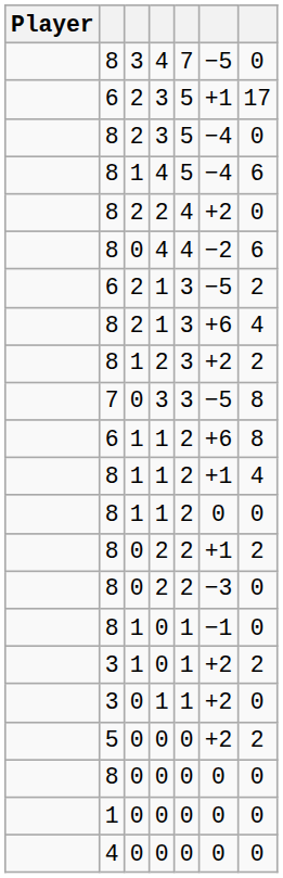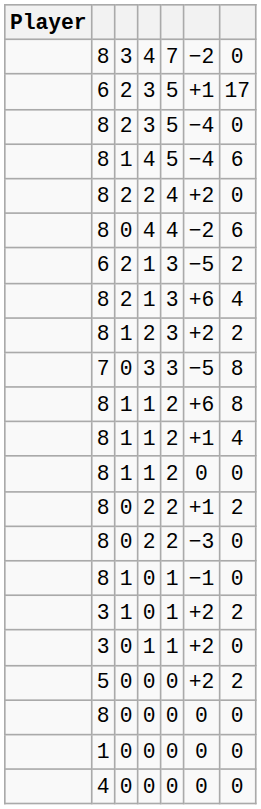 <table class="wikitable sortable" style="text-align:center;">
 <tr>
 <th>Player</th>
 <th></th>
 <th></th>
 <th></th>
 <th></th>
 <th data-sort-type="number"></th>
 <th></th>
 </tr>
 <tr>
 <td></td>
 <td>8</td>
 <td>3</td>
 <td>4</td>
 <td>7</td>
-<td>−5</td>
+<td>−2</td>
 <td>0</td>
 </tr>
 <tr>
 <td></td>
 <td>6</td>
 <td>2</td>
 <td>3</td>
 <td>5</td>
 <td>+1</td>
 <td>17</td>
 </tr>
 <tr>
 <td></td>
 <td>8</td>
 <td>2</td>
 <td>3</td>
 <td>5</td>
 <td>−4</td>
 <td>0</td>
 </tr>
 <tr>
 <td></td>
 <td>8</td>
 <td>1</td>
 <td>4</td>
 <td>5</td>
 <td>−4</td>
 <td>6</td>
 </tr>
 <tr>
 <td></td>
 <td>8</td>
 <td>2</td>
 <td>2</td>
 <td>4</td>
 <td>+2</td>
 <td>0</td>
 </tr>
 <tr>
 <td></td>
 <td>8</td>
 <td>0</td>
 <td>4</td>
 <td>4</td>
 <td>−2</td>
 <td>6</td>
 </tr>
 <tr>
 <td></td>
 <td>6</td>
 <td>2</td>
 <td>1</td>
 <td>3</td>
 <td>−5</td>
 <td>2</td>
 </tr>
 <tr>
 <td></td>
 <td>8</td>
 <td>2</td>
 <td>1</td>
 <td>3</td>
 <td>+6</td>
 <td>4</td>
 </tr>
 <tr>
 <td></td>
 <td>8</td>
 <td>1</td>
 <td>2</td>
 <td>3</td>
 <td>+2</td>
 <td>2</td>
 </tr>
 <tr>
 <td></td>
 <td>7</td>
 <td>0</td>
 <td>3</td>
 <td>3</td>
 <td>−5</td>
 <td>8</td>
 </tr>
 <tr>
 <td></td>
-<td>6</td>
+<td>8</td>
 <td>1</td>
 <td>1</td>
 <td>2</td>
 <td>+6</td>
 <td>8</td>
 </tr>
 <tr>
 <td></td>
 <td>8</td>
 <td>1</td>
 <td>1</td>
 <td>2</td>
 <td>+1</td>
 <td>4</td>
 </tr>
 <tr>
 <td></td>
 <td>8</td>
 <td>1</td>
 <td>1</td>
 <td>2</td>
 <td>0</td>
 <td>0</td>
 </tr>
 <tr>
 <td></td>
 <td>8</td>
 <td>0</td>
 <td>2</td>
 <td>2</td>
 <td>+1</td>
 <td>2</td>
 </tr>
 <tr>
 <td></td>
 <td>8</td>
 <td>0</td>
 <td>2</td>
 <td>2</td>
 <td>−3</td>
 <td>0</td>
 </tr>
 <tr>
 <td></td>
 <td>8</td>
 <td>1</td>
 <td>0</td>
 <td>1</td>
 <td>−1</td>
 <td>0</td>
 </tr>
 <tr>
 <td></td>
 <td>3</td>
 <td>1</td>
 <td>0</td>
 <td>1</td>
 <td>+2</td>
 <td>2</td>
 </tr>
 <tr>
 <td></td>
 <td>3</td>
 <td>0</td>
 <td>1</td>
 <td>1</td>
 <td>+2</td>
 <td>0</td>
 </tr>
 <tr>
 <td></td>
 <td>5</td>
 <td>0</td>
 <td>0</td>
 <td>0</td>
 <td>+2</td>
 <td>2</td>
 </tr>
 <tr>
 <td></td>
 <td>8</td>
 <td>0</td>
 <td>0</td>
 <td>0</td>
 <td>0</td>
 <td>0</td>
 </tr>
 <tr>
 <td></td>
 <td>1</td>
 <td>0</td>
 <td>0</td>
 <td>0</td>
 <td>0</td>
 <td>0</td>
 </tr>
 <tr>
 <td></td>
 <td>4</td>
 <td>0</td>
 <td>0</td>
 <td>0</td>
 <td>0</td>
 <td>0</td>
 </tr>
 </table>
